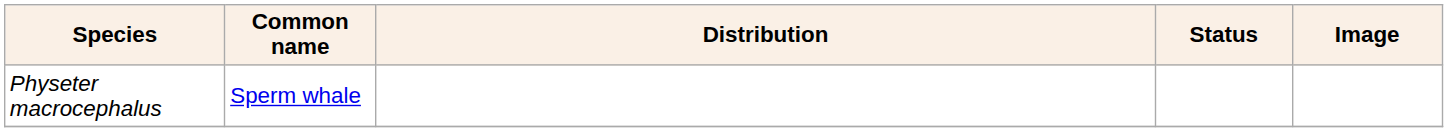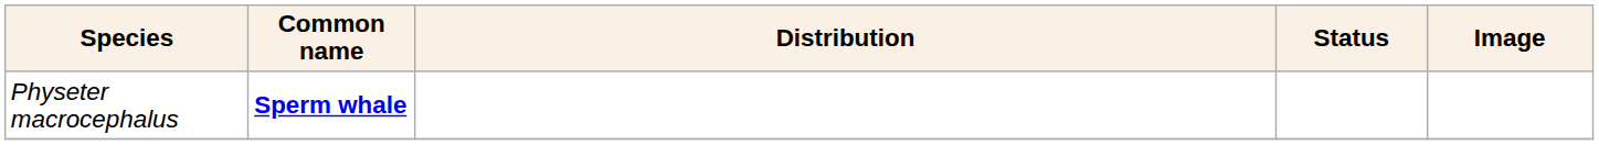 <table class="sortable wikitable plainrowheaders" border="0" style="background:#ffffff" align="top" class="sortable wikitable">
 <tr ->
 <th scope="col" style="background-color:Linen; color:Black" width=150 px>Species</th>
 <th scope="col" style="background-color:Linen; color:Black" width=100 px>Common name</th>
 <th scope="col" style="background:Linen; color:Black" width=550 px>Distribution</th>
 <th scope="col" style="background-color:Linen; color:Black" width=90 px>Status</th>
 <th scope="col" style="background:Linen; color:Black" width=100 px>Image</th>
 </tr>
 <tr>
 <td !scope="row" style="background:#ffffff"><em>Physeter macrocephalus</em></td>
-<td><a href='#'>Sperm whale</a></td>
+<td><strong><a href='#'>Sperm whale</a></strong></td>
 <td></td>
 <td></td>
 <td></td>
 </tr>
 <tr>
 </tr>
 </table>
